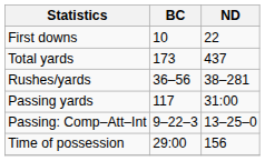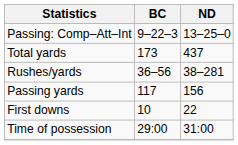 <table class="wikitable" style="float: left;">
 <tr>
 <th>Statistics</th>
 <th>BC</th>
 <th>ND</th>
 </tr>
 <tr>
-<td>First downs</td>
-<td>10</td>
-<td>22</td>
+<td>Passing: Comp–Att–Int</td>
+<td>9–22–3</td>
+<td>13–25–0</td>
 </tr>
 <tr>
 <td>Total yards</td>
 <td>173</td>
 <td>437</td>
 </tr>
 <tr>
 <td>Rushes/yards</td>
 <td>36–56</td>
 <td>38–281</td>
 </tr>
 <tr>
 <td>Passing yards</td>
 <td>117</td>
-<td>31:00</td>
+<td>156</td>
 </tr>
 <tr>
-<td>Passing: Comp–Att–Int</td>
-<td>9–22–3</td>
-<td>13–25–0</td>
+<td>First downs</td>
+<td>10</td>
+<td>22</td>
 </tr>
 <tr>
 <td>Time of possession</td>
 <td>29:00</td>
-<td>156</td>
+<td>31:00</td>
 </tr>
 <tr>
 </tr>
 </table>
